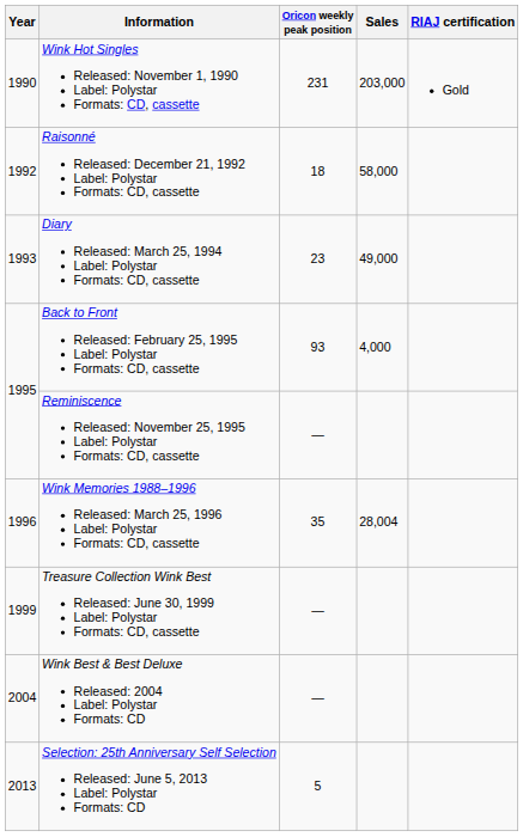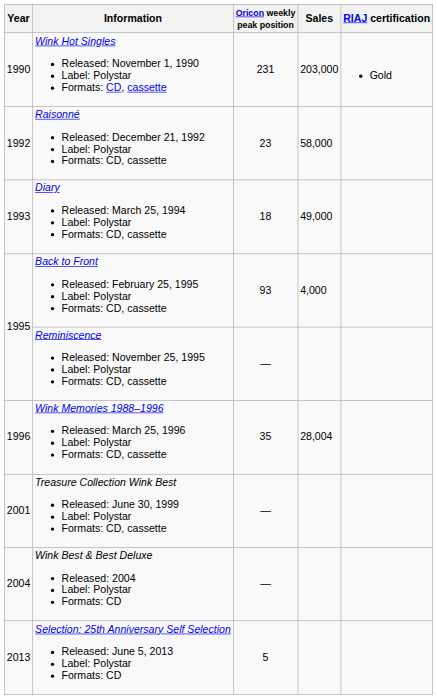 <table class="wikitable">
 <tr>
 <th>Year</th>
 <th>Information</th>
 <th><small><a href='#'>Oricon</a> weekly<br>peak position</small></th>
 <th>Sales<br></th>
 <th><a href='#'>RIAJ</a> certification</th>
 </tr>
 <tr>
 <td>1990</td>
 <td><em><a href='#'>Wink Hot Singles</a></em><br><ul><li>Released: November 1, 1990</li><li>Label: Polystar</li><li>Formats: <a href='#'>CD</a>, <a href='#'>cassette</a></li></ul></td>
 <td style="text-align:center;">231</td>
 <td align="left">203,000</td>
 <td align="left"><br><ul><li>Gold</li></ul></td>
 </tr>
 <tr>
 <td>1992</td>
 <td><em><a href='#'>Raisonné</a></em><br><ul><li>Released: December 21, 1992</li><li>Label: Polystar</li><li>Formats: CD, cassette</li></ul></td>
-<td style="text-align:center;">18</td>
+<td style="text-align:center;">23</td>
 <td align="left">58,000</td>
 <td align="left"></td>
 </tr>
 <tr>
 <td>1993</td>
 <td><em><a href='#'>Diary</a></em><br><ul><li>Released: March 25, 1994</li><li>Label: Polystar</li><li>Formats: CD, cassette</li></ul></td>
-<td style="text-align:center;">23</td>
+<td style="text-align:center;">18</td>
 <td align="left">49,000</td>
 <td align="left"></td>
 </tr>
 <tr>
 <td rowspan="2">1995</td>
 <td><em><a href='#'>Back to Front</a></em><br><ul><li>Released: February 25, 1995</li><li>Label: Polystar</li><li>Formats: CD, cassette</li></ul></td>
 <td style="text-align:center;">93</td>
 <td align="left">4,000</td>
 <td align="left"></td>
 </tr>
 <tr>
 <td><em><a href='#'>Reminiscence</a></em><br><ul><li>Released: November 25, 1995</li><li>Label: Polystar</li><li>Formats: CD, cassette</li></ul></td>
 <td style="text-align:center;">—</td>
 <td align="left"></td>
 <td align="left"></td>
 </tr>
 <tr>
 <td>1996</td>
 <td><em><a href='#'>Wink Memories 1988–1996</a></em><br><ul><li>Released: March 25, 1996</li><li>Label: Polystar</li><li>Formats: CD, cassette</li></ul></td>
 <td style="text-align:center;">35</td>
 <td align="left">28,004</td>
 <td align="left"></td>
 </tr>
 <tr>
-<td>1999</td>
+<td>2001</td>
 <td><em>Treasure Collection Wink Best</em><br><ul><li>Released: June 30, 1999</li><li>Label: Polystar</li><li>Formats: CD, cassette</li></ul></td>
 <td style="text-align:center;">—</td>
 <td align="left"></td>
 <td align="left"></td>
 </tr>
 <tr>
 <td>2004</td>
 <td><em>Wink Best & Best Deluxe</em><br><ul><li>Released: 2004</li><li>Label: Polystar</li><li>Formats: CD</li></ul></td>
 <td style="text-align:center;">—</td>
 <td align="left"></td>
 <td align="left"></td>
 </tr>
 <tr>
 <td>2013</td>
 <td><em><a href='#'>Selection: 25th Anniversary Self Selection</a></em><br><ul><li>Released: June 5, 2013</li><li>Label: Polystar</li><li>Formats: CD</li></ul></td>
 <td style="text-align:center;">5</td>
 <td align="left"></td>
 <td align="left"></td>
 </tr>
 </table>
